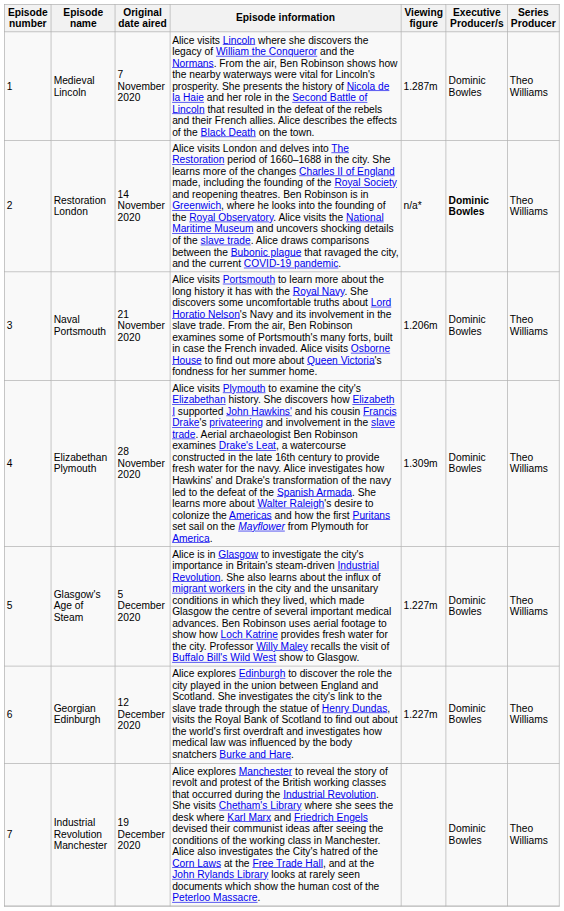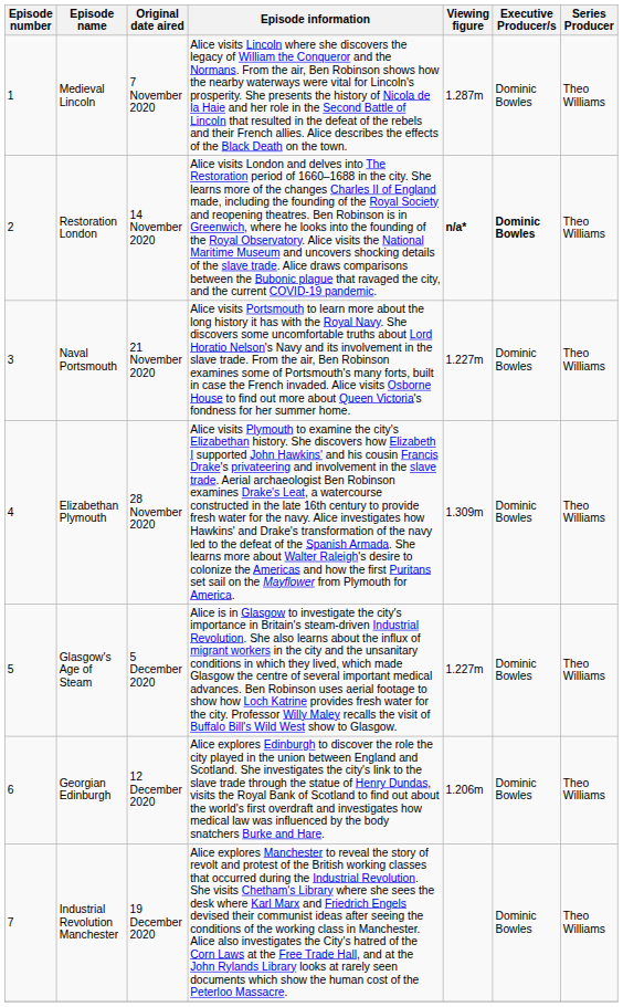 <table class="wikitable sortable">
 <tr>
 <th>Episode number</th>
 <th>Episode name</th>
 <th>Original date aired</th>
 <th>Episode information</th>
 <th>Viewing figure</th>
 <th>Executive Producer/s</th>
 <th>Series Producer</th>
 </tr>
 <tr>
 <td>1</td>
 <td>Medieval Lincoln</td>
 <td>7 November 2020</td>
 <td>Alice visits <a href='#'>Lincoln</a> where she discovers the legacy of <a href='#'>William the Conqueror</a> and the <a href='#'>Normans</a>. From the air, Ben Robinson shows how the nearby waterways were vital for Lincoln's prosperity. She presents the history of <a href='#'>Nicola de la Haie</a> and her role in the <a href='#'>Second Battle of Lincoln</a> that resulted in the defeat of the rebels and their French allies. Alice describes the effects of the <a href='#'>Black Death</a> on the town.</td>
 <td>1.287m</td>
 <td>Dominic Bowles</td>
 <td>Theo Williams</td>
 </tr>
 <tr>
 <td>2</td>
 <td>Restoration London</td>
 <td>14 November 2020</td>
 <td>Alice visits London and delves into <a href='#'>The Restoration</a> period of 1660–1688 in the city. She learns more of the changes <a href='#'>Charles II of England</a> made, including the founding of the <a href='#'>Royal Society</a> and reopening theatres. Ben Robinson is in <a href='#'>Greenwich</a>, where he looks into the founding of the <a href='#'>Royal Observatory</a>. Alice visits the <a href='#'>National Maritime Museum</a> and uncovers shocking details of the <a href='#'>slave trade</a>. Alice draws comparisons between the <a href='#'>Bubonic plague</a> that ravaged the city, and the current <a href='#'>COVID-19 pandemic</a>.</td>
-<td>n/a*</td>
+<td><strong>n/a*</strong></td>
 <td><strong>Dominic Bowles</strong></td>
 <td>Theo Williams</td>
 </tr>
 <tr>
 <td>3</td>
 <td>Naval Portsmouth</td>
 <td>21 November 2020</td>
 <td>Alice visits <a href='#'>Portsmouth</a> to learn more about the long history it has with the <a href='#'>Royal Navy</a>. She discovers some uncomfortable truths about <a href='#'>Lord Horatio Nelson</a>'s Navy and its involvement in the slave trade. From the air, Ben Robinson examines some of Portsmouth's many forts, built in case the French invaded. Alice visits <a href='#'>Osborne House</a> to find out more about <a href='#'>Queen Victoria</a>'s fondness for her summer home.</td>
-<td>1.206m</td>
+<td>1.227m</td>
 <td>Dominic Bowles</td>
 <td>Theo Williams</td>
 </tr>
 <tr>
 <td>4</td>
 <td>Elizabethan Plymouth</td>
 <td>28 November 2020</td>
 <td>Alice visits <a href='#'>Plymouth</a> to examine the city's <a href='#'>Elizabethan</a> history. She discovers how <a href='#'>Elizabeth I</a> supported <a href='#'>John Hawkins'</a> and his cousin <a href='#'>Francis Drake</a>'s <a href='#'>privateering</a> and involvement in the <a href='#'>slave trade</a>. Aerial archaeologist Ben Robinson examines <a href='#'>Drake's Leat</a>, a watercourse constructed in the late 16th century to provide fresh water for the navy. Alice investigates how Hawkins' and Drake's transformation of the navy led to the defeat of the <a href='#'>Spanish Armada</a>. She learns more about <a href='#'>Walter Raleigh</a>'s desire to colonize the <a href='#'>Americas</a> and how the first <a href='#'>Puritans</a> set sail on the <em><a href='#'>Mayflower</a></em> from Plymouth for <a href='#'>America</a>.</td>
 <td>1.309m</td>
 <td>Dominic Bowles</td>
 <td>Theo Williams</td>
 </tr>
 <tr>
 <td>5</td>
 <td>Glasgow's Age of Steam</td>
 <td>5 December 2020</td>
 <td>Alice is in <a href='#'>Glasgow</a> to investigate the city's importance in Britain's steam-driven <a href='#'>Industrial Revolution</a>. She also learns about the influx of <a href='#'>migrant workers</a> in the city and the unsanitary conditions in which they lived, which made Glasgow the centre of several important medical advances. Ben Robinson uses aerial footage to show how <a href='#'>Loch Katrine</a> provides fresh water for the city. Professor <a href='#'>Willy Maley</a> recalls the visit of <a href='#'>Buffalo Bill's Wild West</a> show to Glasgow.</td>
 <td>1.227m</td>
 <td>Dominic Bowles</td>
 <td>Theo Williams</td>
 </tr>
 <tr>
 <td>6</td>
 <td>Georgian Edinburgh</td>
 <td>12 December 2020</td>
 <td>Alice explores <a href='#'>Edinburgh</a> to discover the role the city played in the union between England and Scotland. She investigates the city's link to the slave trade through the statue of <a href='#'>Henry Dundas</a>, visits the Royal Bank of Scotland to find out about the world's first overdraft and investigates how medical law was influenced by the body snatchers <a href='#'>Burke and Hare</a>.</td>
-<td>1.227m</td>
+<td>1.206m</td>
 <td>Dominic Bowles</td>
 <td>Theo Williams</td>
 </tr>
 <tr>
 <td>7</td>
 <td>Industrial Revolution Manchester</td>
 <td>19 December 2020</td>
 <td>Alice explores <a href='#'>Manchester</a> to reveal the story of revolt and protest of the British working classes that occurred during the <a href='#'>Industrial Revolution</a>. She visits <a href='#'>Chetham's Library</a> where she sees the desk where <a href='#'>Karl Marx</a> and <a href='#'>Friedrich Engels</a> devised their communist ideas after seeing the conditions of the working class in Manchester. Alice also investigates the City's hatred of the <a href='#'>Corn Laws</a> at the <a href='#'>Free Trade Hall</a>, and at the <a href='#'>John Rylands Library</a> looks at rarely seen documents which show the human cost of the <a href='#'>Peterloo Massacre</a>.</td>
 <td></td>
 <td>Dominic Bowles</td>
 <td>Theo Williams</td>
 </tr>
 <tr>
 </tr>
 </table>
